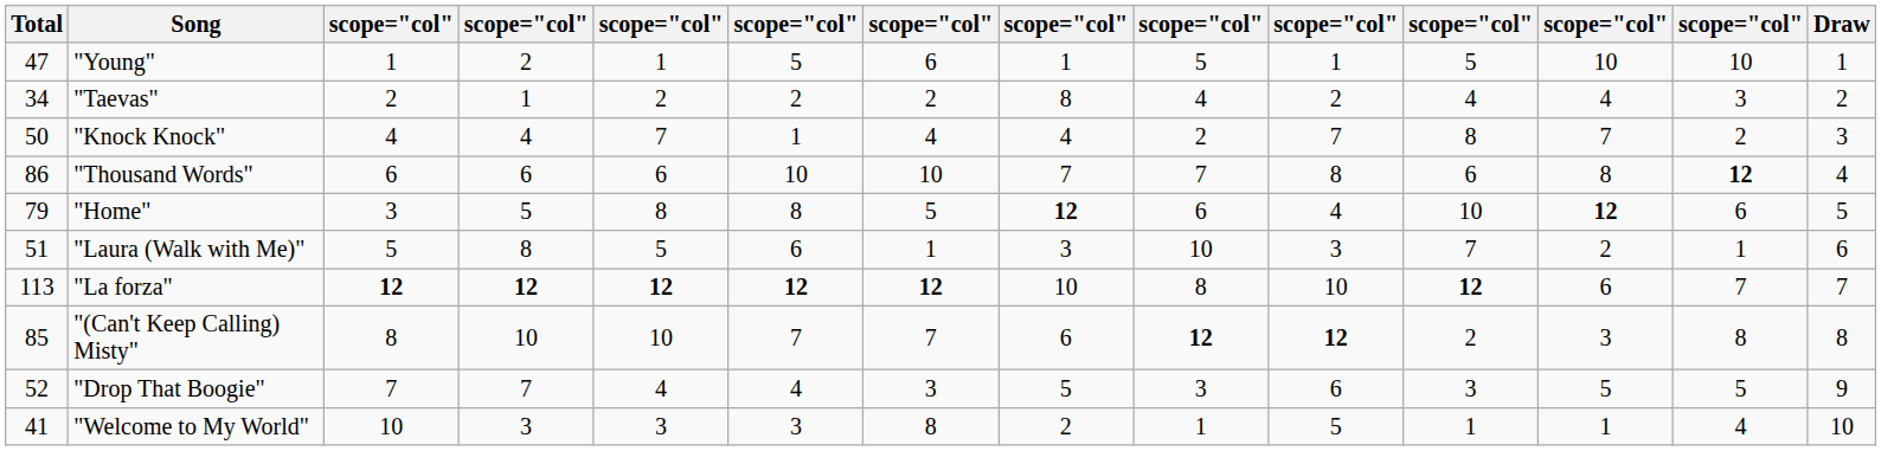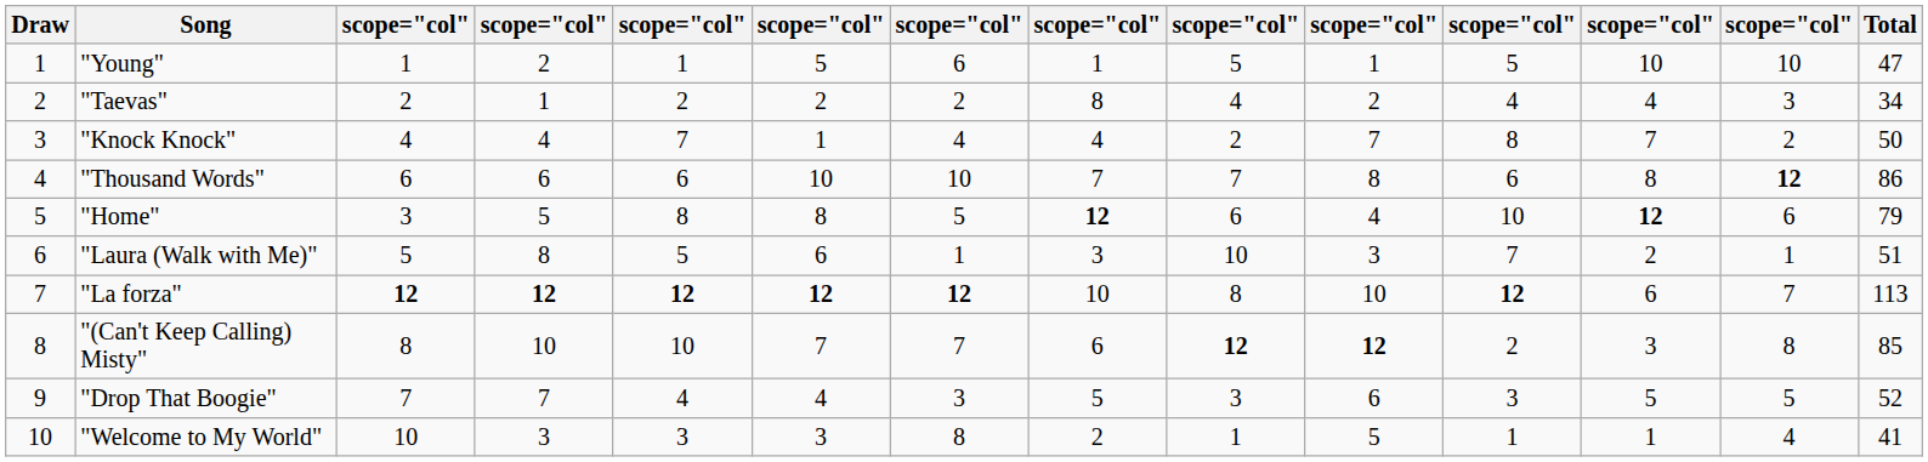 <table class="wikitable collapsible" style="margin: 1em auto 1em auto; text-align:center;">
 <tr>
-<th>Total</th>
+<th>Draw</th>
 <th>Song</th>
 <th>scope="col" </th>
 <th>scope="col" </th>
 <th>scope="col" </th>
 <th>scope="col" </th>
 <th>scope="col" </th>
 <th>scope="col" </th>
 <th>scope="col" </th>
 <th>scope="col" </th>
 <th>scope="col" </th>
 <th>scope="col" </th>
 <th>scope="col" </th>
-<th>Draw</th>
+<th>Total</th>
 </tr>
 <tr>
-<td>47</td>
+<td>1</td>
 <td align="left">"Young"</td>
 <td>1</td>
 <td>2</td>
 <td>1</td>
 <td>5</td>
 <td>6</td>
 <td>1</td>
 <td>5</td>
 <td>1</td>
 <td>5</td>
 <td>10</td>
 <td>10</td>
-<td>1</td>
+<td>47</td>
 </tr>
 <tr>
-<td>34</td>
+<td>2</td>
 <td align="left">"Taevas"</td>
 <td>2</td>
 <td>1</td>
 <td>2</td>
 <td>2</td>
 <td>2</td>
 <td>8</td>
 <td>4</td>
 <td>2</td>
 <td>4</td>
 <td>4</td>
 <td>3</td>
-<td>2</td>
+<td>34</td>
 </tr>
 <tr>
-<td>50</td>
+<td>3</td>
 <td align="left">"Knock Knock"</td>
 <td>4</td>
 <td>4</td>
 <td>7</td>
 <td>1</td>
 <td>4</td>
 <td>4</td>
 <td>2</td>
 <td>7</td>
 <td>8</td>
 <td>7</td>
 <td>2</td>
-<td>3</td>
+<td>50</td>
 </tr>
 <tr>
-<td>86</td>
+<td>4</td>
 <td align="left">"Thousand Words"</td>
 <td>6</td>
 <td>6</td>
 <td>6</td>
 <td>10</td>
 <td>10</td>
 <td>7</td>
 <td>7</td>
 <td>8</td>
 <td>6</td>
 <td>8</td>
 <td><strong>12</strong></td>
-<td>4</td>
+<td>86</td>
 </tr>
 <tr>
-<td>79</td>
+<td>5</td>
 <td align="left">"Home"</td>
 <td>3</td>
 <td>5</td>
 <td>8</td>
 <td>8</td>
 <td>5</td>
 <td><strong>12</strong></td>
 <td>6</td>
 <td>4</td>
 <td>10</td>
 <td><strong>12</strong></td>
 <td>6</td>
-<td>5</td>
+<td>79</td>
 </tr>
 <tr>
-<td>51</td>
+<td>6</td>
 <td align="left">"Laura (Walk with Me)"</td>
 <td>5</td>
 <td>8</td>
 <td>5</td>
 <td>6</td>
 <td>1</td>
 <td>3</td>
 <td>10</td>
 <td>3</td>
 <td>7</td>
 <td>2</td>
 <td>1</td>
-<td>6</td>
+<td>51</td>
 </tr>
 <tr>
-<td>113</td>
+<td>7</td>
 <td align="left">"La forza"</td>
 <td><strong>12</strong></td>
 <td><strong>12</strong></td>
 <td><strong>12</strong></td>
 <td><strong>12</strong></td>
 <td><strong>12</strong></td>
 <td>10</td>
 <td>8</td>
 <td>10</td>
 <td><strong>12</strong></td>
 <td>6</td>
 <td>7</td>
-<td>7</td>
+<td>113</td>
 </tr>
 <tr>
-<td>85</td>
+<td>8</td>
 <td align="left">"(Can't Keep Calling) Misty"</td>
 <td>8</td>
 <td>10</td>
 <td>10</td>
 <td>7</td>
 <td>7</td>
 <td>6</td>
 <td><strong>12</strong></td>
 <td><strong>12</strong></td>
 <td>2</td>
 <td>3</td>
 <td>8</td>
-<td>8</td>
+<td>85</td>
 </tr>
 <tr>
-<td>52</td>
+<td>9</td>
 <td align="left">"Drop That Boogie"</td>
 <td>7</td>
 <td>7</td>
 <td>4</td>
 <td>4</td>
 <td>3</td>
 <td>5</td>
 <td>3</td>
 <td>6</td>
 <td>3</td>
 <td>5</td>
 <td>5</td>
-<td>9</td>
+<td>52</td>
 </tr>
 <tr>
-<td>41</td>
+<td>10</td>
 <td align="left">"Welcome to My World"</td>
 <td>10</td>
 <td>3</td>
 <td>3</td>
 <td>3</td>
 <td>8</td>
 <td>2</td>
 <td>1</td>
 <td>5</td>
 <td>1</td>
 <td>1</td>
 <td>4</td>
-<td>10</td>
+<td>41</td>
 </tr>
 </table>
